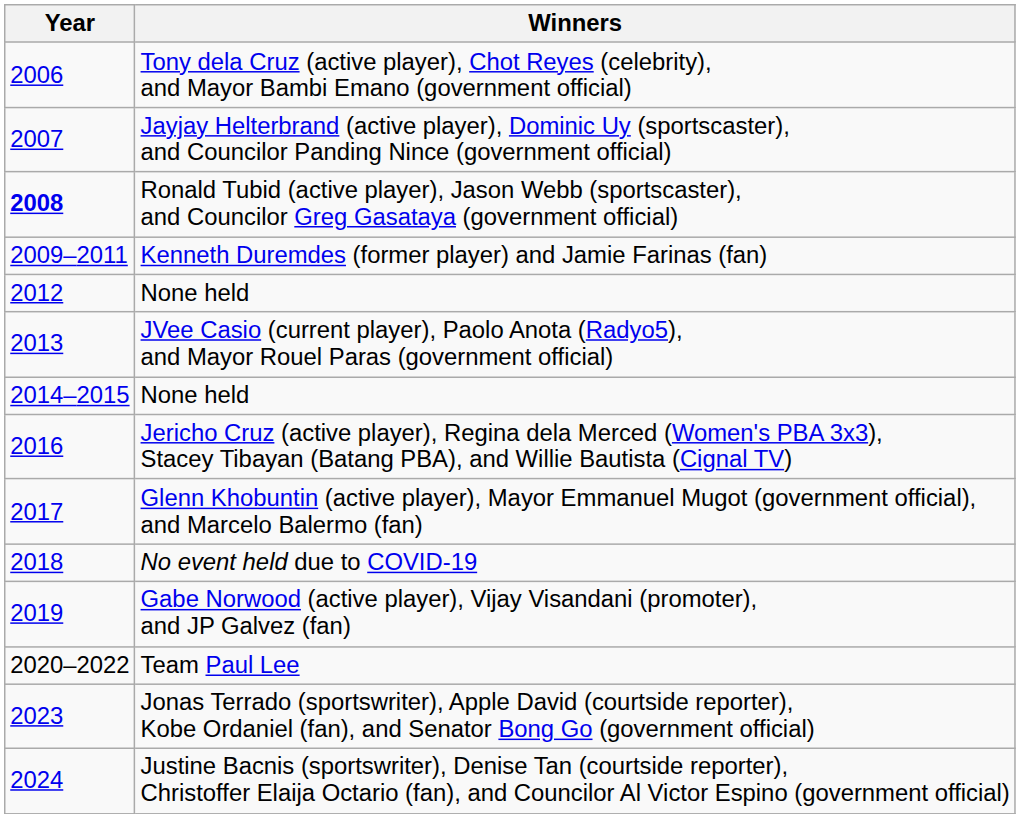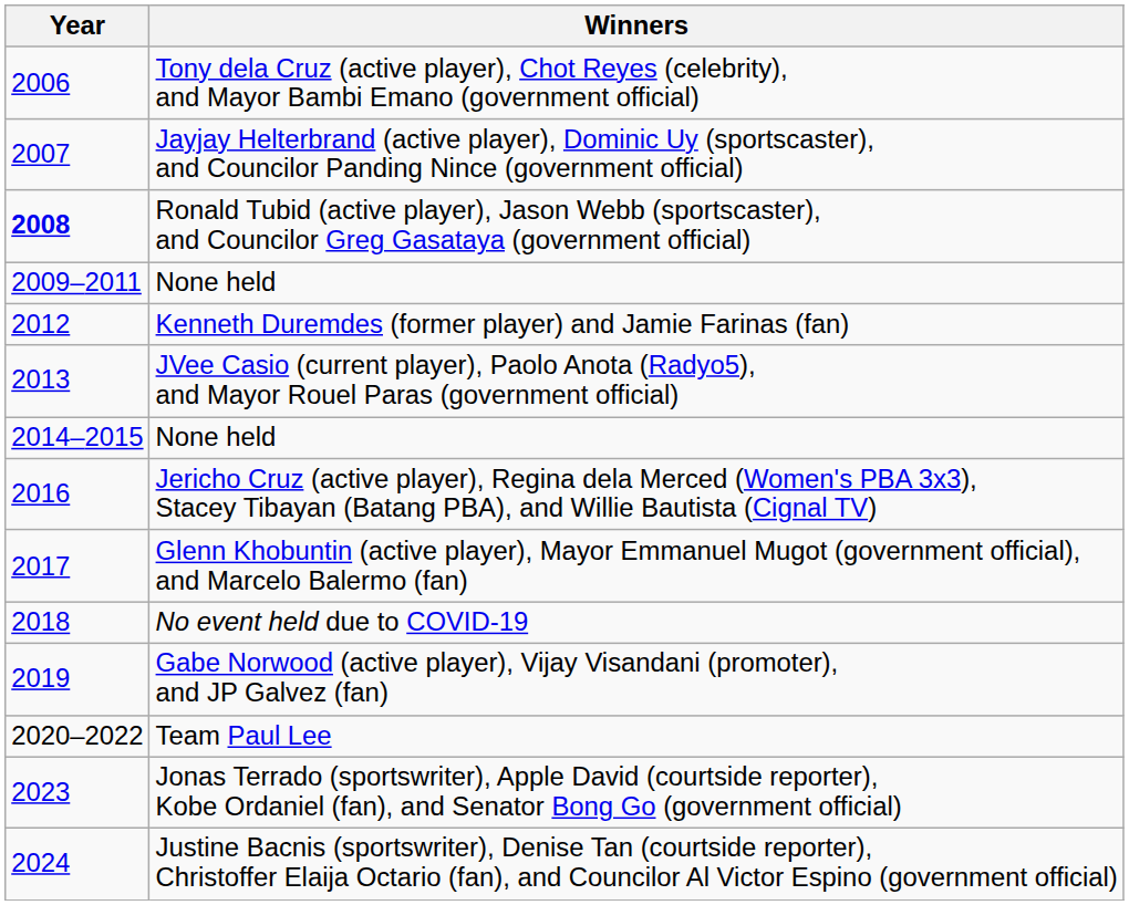 <table class="wikitable sortable">
 <tr>
 <th>Year</th>
 <th>Winners</th>
 </tr>
 <tr>
 <td><a href='#'>2006</a></td>
 <td><a href='#'>Tony dela Cruz</a> (active player), <a href='#'>Chot Reyes</a> (celebrity),<br>and Mayor Bambi Emano (government official)</td>
 </tr>
 <tr>
 <td><a href='#'>2007</a></td>
 <td><a href='#'>Jayjay Helterbrand</a> (active player), <a href='#'>Dominic Uy</a> (sportscaster),<br>and Councilor Panding Nince (government official)</td>
 </tr>
 <tr>
 <td><strong><a href='#'>2008</a></strong></td>
 <td>Ronald Tubid (active player), Jason Webb (sportscaster),<br>and Councilor <a href='#'>Greg Gasataya</a> (government official)</td>
 </tr>
 <tr>
 <td><a href='#'>2009–</a><a href='#'>2011</a></td>
-<td><a href='#'>Kenneth Duremdes</a> (former player) and Jamie Farinas (fan)</td>
+<td>None held</td>
 </tr>
 <tr>
 <td><a href='#'>2012</a></td>
-<td>None held</td>
+<td><a href='#'>Kenneth Duremdes</a> (former player) and Jamie Farinas (fan)</td>
 </tr>
 <tr>
 <td><a href='#'>2013</a></td>
 <td><a href='#'>JVee Casio</a> (current player), Paolo Anota (<a href='#'>Radyo5</a>),<br>and Mayor Rouel Paras (government official)</td>
 </tr>
 <tr>
 <td><a href='#'>2014–</a><a href='#'>2015</a></td>
 <td>None held</td>
 </tr>
 <tr>
 <td><a href='#'>2016</a></td>
 <td><a href='#'>Jericho Cruz</a> (active player), Regina dela Merced (<a href='#'>Women's PBA 3x3</a>),<br>Stacey Tibayan (Batang PBA), and Willie Bautista (<a href='#'>Cignal TV</a>)</td>
 </tr>
 <tr>
 <td><a href='#'>2017</a></td>
 <td><a href='#'>Glenn Khobuntin</a> (active player), Mayor Emmanuel Mugot (government official),<br>and Marcelo Balermo (fan)</td>
 </tr>
 <tr>
 <td><a href='#'>2018</a></td>
 <td><em>No event held</em> due to <a href='#'>COVID-19</a></td>
 </tr>
 <tr>
 <td><a href='#'>2019</a></td>
 <td><a href='#'>Gabe Norwood</a> (active player), Vijay Visandani (promoter),<br>and JP Galvez (fan)</td>
 </tr>
 <tr>
 <td>2020–2022</td>
 <td>Team <a href='#'>Paul Lee</a></td>
 </tr>
 <tr>
 <td><a href='#'>2023</a></td>
 <td>Jonas Terrado (sportswriter), Apple David (courtside reporter),<br>Kobe Ordaniel (fan), and Senator <a href='#'>Bong Go</a> (government official)</td>
 </tr>
 <tr>
 <td><a href='#'>2024</a></td>
 <td>Justine Bacnis (sportswriter), Denise Tan (courtside reporter),<br>Christoffer Elaija Octario (fan), and Councilor Al Victor Espino (government official)</td>
 </tr>
 </table>
